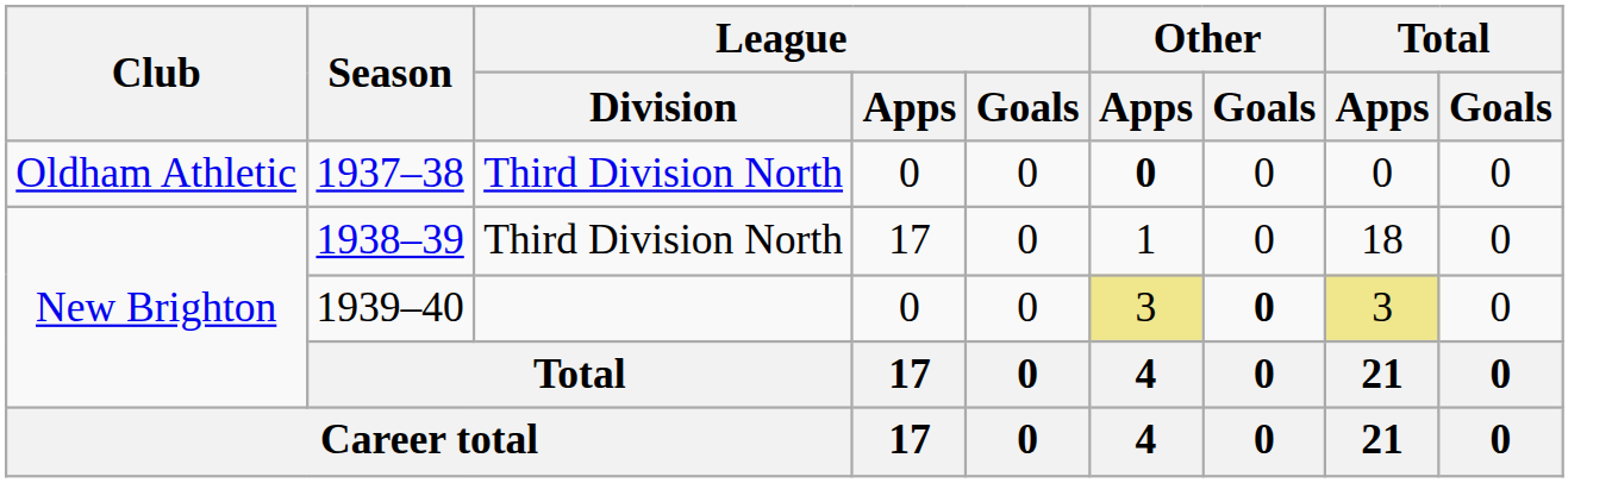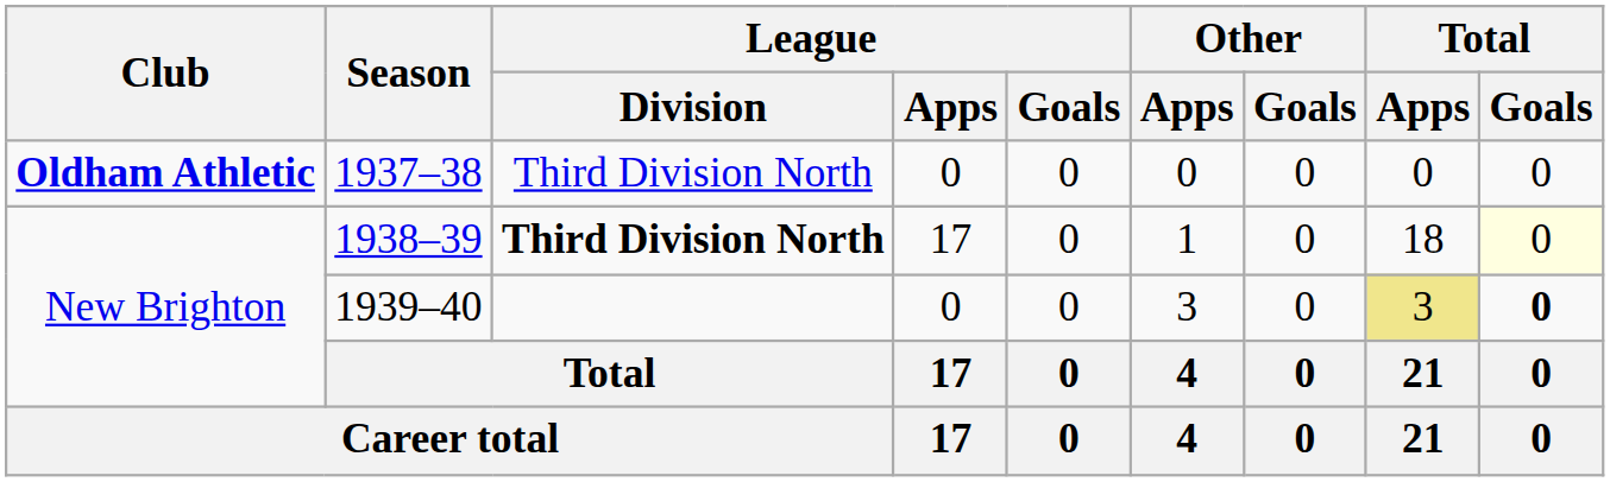 <table class="wikitable" style="text-align:center">
 <tr>
 <th rowspan="2">Club</th>
 <th rowspan="2">Season</th>
 <th colspan="3">League</th>
 <th colspan="2">Other</th>
 <th colspan="2">Total</th>
 </tr>
 <tr>
 <th>Division</th>
 <th>Apps</th>
 <th>Goals</th>
 <th>Apps</th>
 <th>Goals</th>
 <th>Apps</th>
 <th>Goals</th>
 </tr>
 <tr>
-<td><a href='#'>Oldham Athletic</a></td>
+<td><strong><a href='#'>Oldham Athletic</a></strong></td>
 <td><a href='#'>1937–38</a></td>
 <td><a href='#'>Third Division North</a></td>
 <td>0</td>
 <td>0</td>
-<td><strong>0</strong></td>
+<td>0</td>
 <td>0</td>
 <td>0</td>
 <td>0</td>
 </tr>
 <tr>
 <td rowspan="3"><a href='#'>New Brighton</a></td>
 <td><a href='#'>1938–39</a></td>
-<td>Third Division North</td>
+<td><strong>Third Division North</strong></td>
 <td>17</td>
 <td>0</td>
 <td>1</td>
 <td>0</td>
 <td>18</td>
-<td>0</td>
+<td style="background: lightyellow;">0</td>
 </tr>
 <tr>
 <td>1939–40</td>
 <td></td>
 <td>0</td>
 <td>0</td>
+<td>3</td>
+<td>0</td>
 <td style="background: khaki;">3</td>
 <td><strong>0</strong></td>
-<td style="background: khaki;">3</td>
-<td>0</td>
 </tr>
 <tr>
 <th colspan="2">Total</th>
 <th>17</th>
 <th>0</th>
 <th>4</th>
 <th>0</th>
 <th>21</th>
 <th>0</th>
 </tr>
 <tr>
 <th colspan="3">Career total</th>
 <th>17</th>
 <th>0</th>
 <th>4</th>
 <th>0</th>
 <th>21</th>
 <th>0</th>
 </tr>
 </table>
